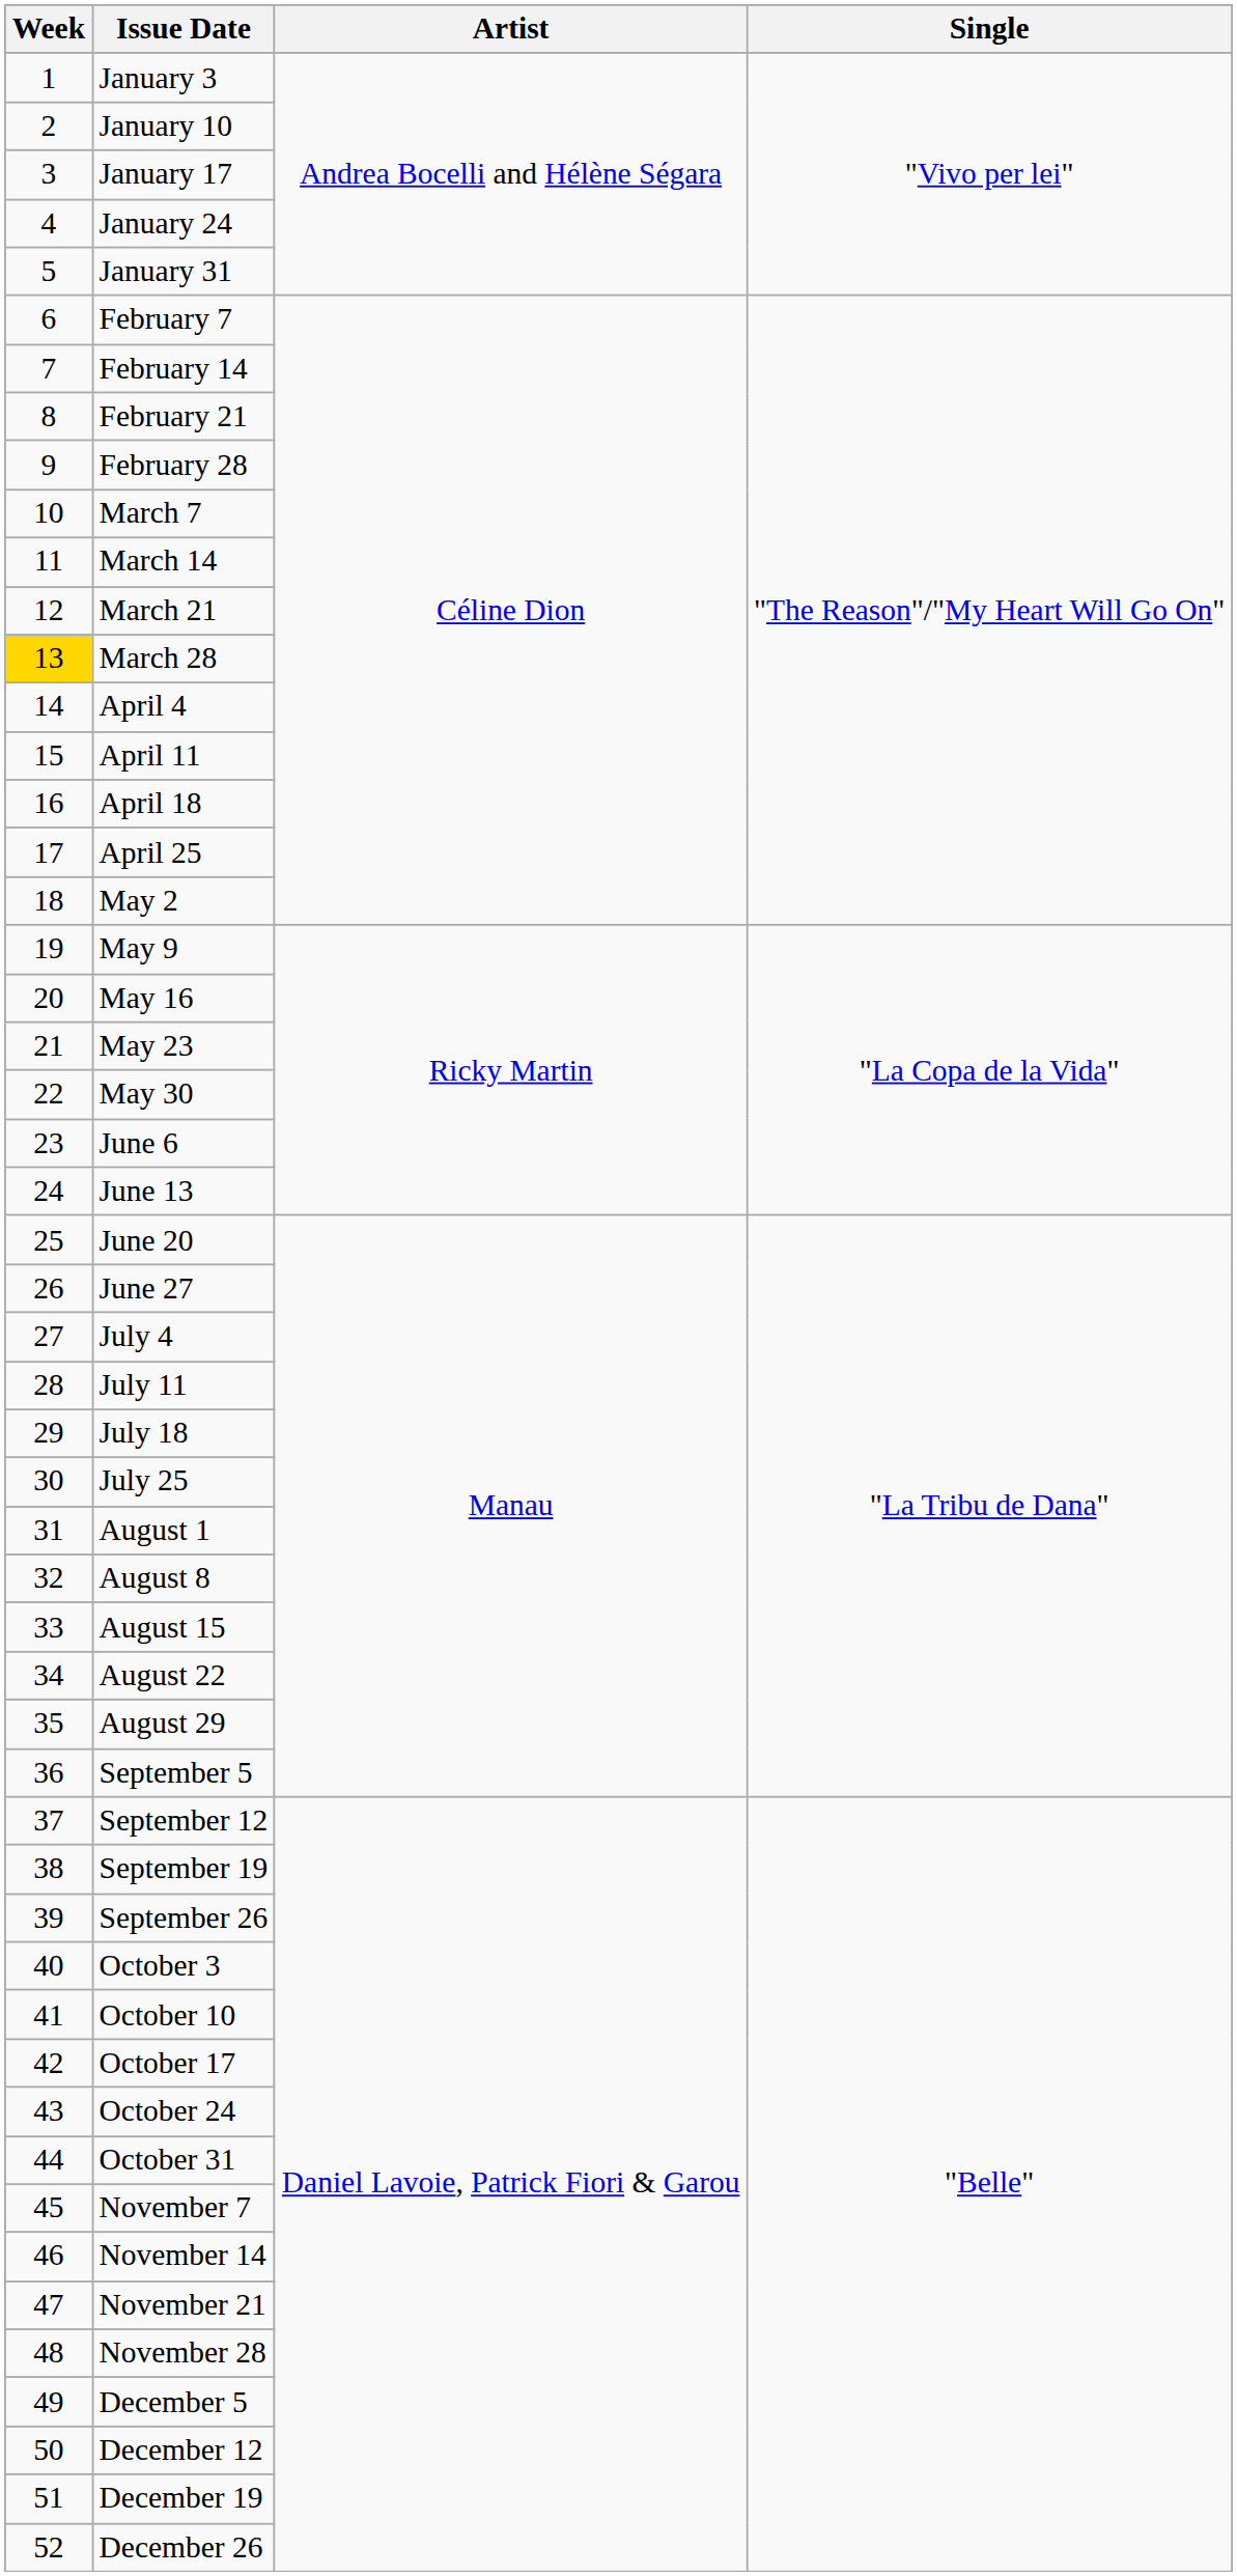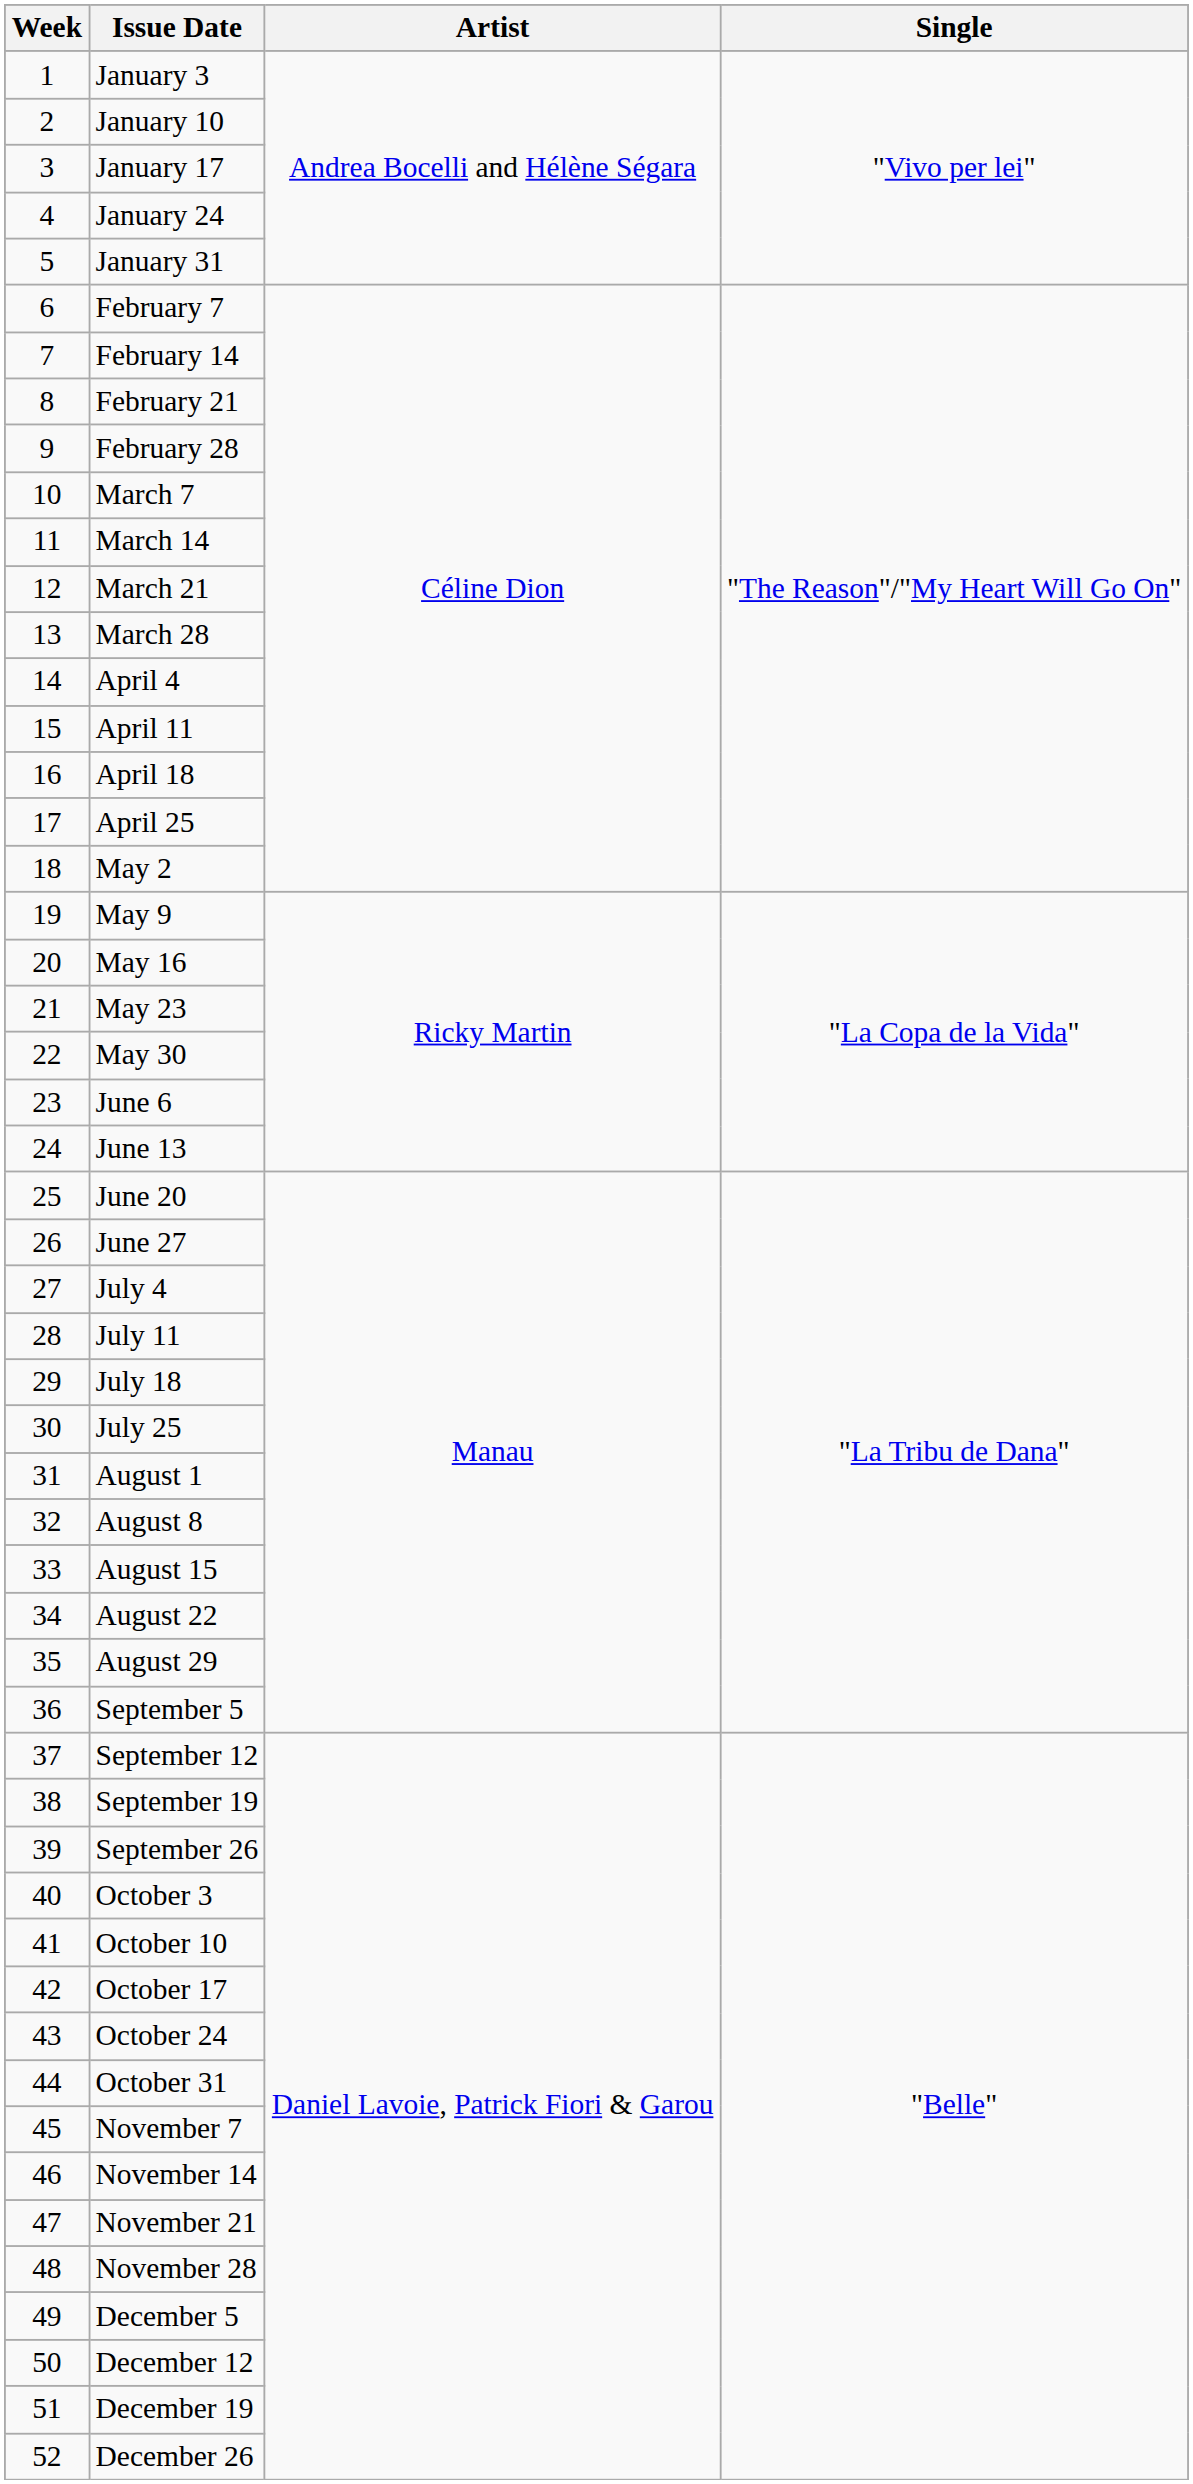 <table class="wikitable">
 <tr>
 <th>Week</th>
 <th>Issue Date</th>
 <th>Artist</th>
 <th>Single</th>
 </tr>
 <tr>
 <td style="text-align: center;">1</td>
 <td>January 3</td>
 <td rowspan="5" style="text-align: center;"><a href='#'>Andrea Bocelli</a> and <a href='#'>Hélène Ségara</a></td>
 <td rowspan="5" style="text-align: center;">"<a href='#'>Vivo per lei</a>"</td>
 </tr>
 <tr>
 <td style="text-align: center;">2</td>
 <td>January 10</td>
 </tr>
 <tr>
 <td style="text-align: center;">3</td>
 <td>January 17</td>
 </tr>
 <tr>
 <td style="text-align: center;">4</td>
 <td>January 24</td>
 </tr>
 <tr>
 <td style="text-align: center;">5</td>
 <td>January 31</td>
 </tr>
 <tr>
 <td style="text-align: center;">6</td>
 <td>February 7</td>
 <td rowspan="13" style="text-align: center;"><a href='#'>Céline Dion</a></td>
 <td rowspan="13" style="text-align: center;">"<a href='#'>The Reason</a>"/"<a href='#'>My Heart Will Go On</a>"</td>
 </tr>
 <tr>
 <td style="text-align: center;">7</td>
 <td>February 14</td>
 </tr>
 <tr>
 <td style="text-align: center;">8</td>
 <td>February 21</td>
 </tr>
 <tr>
 <td style="text-align: center;">9</td>
 <td>February 28</td>
 </tr>
 <tr>
 <td style="text-align: center;">10</td>
 <td>March 7</td>
 </tr>
 <tr>
 <td style="text-align: center;">11</td>
 <td>March 14</td>
 </tr>
 <tr>
 <td style="text-align: center;">12</td>
 <td>March 21</td>
 </tr>
 <tr>
-<td style="background: gold; text-align: center;">13</td>
+<td style="text-align: center;">13</td>
 <td>March 28</td>
 </tr>
 <tr>
 <td style="text-align: center;">14</td>
 <td>April 4</td>
 </tr>
 <tr>
 <td style="text-align: center;">15</td>
 <td>April 11</td>
 </tr>
 <tr>
 <td style="text-align: center;">16</td>
 <td>April 18</td>
 </tr>
 <tr>
 <td style="text-align: center;">17</td>
 <td>April 25</td>
 </tr>
 <tr>
 <td style="text-align: center;">18</td>
 <td>May 2</td>
 </tr>
 <tr>
 <td style="text-align: center;">19</td>
 <td>May 9</td>
 <td rowspan="6" style="text-align: center;"><a href='#'>Ricky Martin</a></td>
 <td rowspan="6" style="text-align: center;">"<a href='#'>La Copa de la Vida</a>"</td>
 </tr>
 <tr>
 <td style="text-align: center;">20</td>
 <td>May 16</td>
 </tr>
 <tr>
 <td style="text-align: center;">21</td>
 <td>May 23</td>
 </tr>
 <tr>
 <td style="text-align: center;">22</td>
 <td>May 30</td>
 </tr>
 <tr>
 <td style="text-align: center;">23</td>
 <td>June 6</td>
 </tr>
 <tr>
 <td style="text-align: center;">24</td>
 <td>June 13</td>
 </tr>
 <tr>
 <td style="text-align: center;">25</td>
 <td>June 20</td>
 <td rowspan="12" style="text-align: center;"><a href='#'>Manau</a></td>
 <td rowspan="12" style="text-align: center;">"<a href='#'>La Tribu de Dana</a>"</td>
 </tr>
 <tr>
 <td style="text-align: center;">26</td>
 <td>June 27</td>
 </tr>
 <tr>
 <td style="text-align: center;">27</td>
 <td>July 4</td>
 </tr>
 <tr>
 <td style="text-align: center;">28</td>
 <td>July 11</td>
 </tr>
 <tr>
 <td style="text-align: center;">29</td>
 <td>July 18</td>
 </tr>
 <tr>
 <td style="text-align: center;">30</td>
 <td>July 25</td>
 </tr>
 <tr>
 <td style="text-align: center;">31</td>
 <td>August 1</td>
 </tr>
 <tr>
 <td style="text-align: center;">32</td>
 <td>August 8</td>
 </tr>
 <tr>
 <td style="text-align: center;">33</td>
 <td>August 15</td>
 </tr>
 <tr>
 <td style="text-align: center;">34</td>
 <td>August 22</td>
 </tr>
 <tr>
 <td style="text-align: center;">35</td>
 <td>August 29</td>
 </tr>
 <tr>
 <td style="text-align: center;">36</td>
 <td>September 5</td>
 </tr>
 <tr>
 <td style="text-align: center;">37</td>
 <td>September 12</td>
 <td rowspan="16" style="text-align: center;"><a href='#'>Daniel Lavoie</a>, <a href='#'>Patrick Fiori</a> & <a href='#'>Garou</a></td>
 <td rowspan="16" style="text-align: center;">"<a href='#'>Belle</a>"</td>
 </tr>
 <tr>
 <td style="text-align: center;">38</td>
 <td>September 19</td>
 </tr>
 <tr>
 <td style="text-align: center;">39</td>
 <td>September 26</td>
 </tr>
 <tr>
 <td style="text-align: center;">40</td>
 <td>October 3</td>
 </tr>
 <tr>
 <td style="text-align: center;">41</td>
 <td>October 10</td>
 </tr>
 <tr>
 <td style="text-align: center;">42</td>
 <td>October 17</td>
 </tr>
 <tr>
 <td style="text-align: center;">43</td>
 <td>October 24</td>
 </tr>
 <tr>
 <td style="text-align: center;">44</td>
 <td>October 31</td>
 </tr>
 <tr>
 <td style="text-align: center;">45</td>
 <td>November 7</td>
 </tr>
 <tr>
 <td style="text-align: center;">46</td>
 <td>November 14</td>
 </tr>
 <tr>
 <td style="text-align: center;">47</td>
 <td>November 21</td>
 </tr>
 <tr>
 <td style="text-align: center;">48</td>
 <td>November 28</td>
 </tr>
 <tr>
 <td style="text-align: center;">49</td>
 <td>December 5</td>
 </tr>
 <tr>
 <td style="text-align: center;">50</td>
 <td>December 12</td>
 </tr>
 <tr>
 <td style="text-align: center;">51</td>
 <td>December 19</td>
 </tr>
 <tr>
 <td style="text-align: center;">52</td>
 <td>December 26</td>
 </tr>
 </table>
